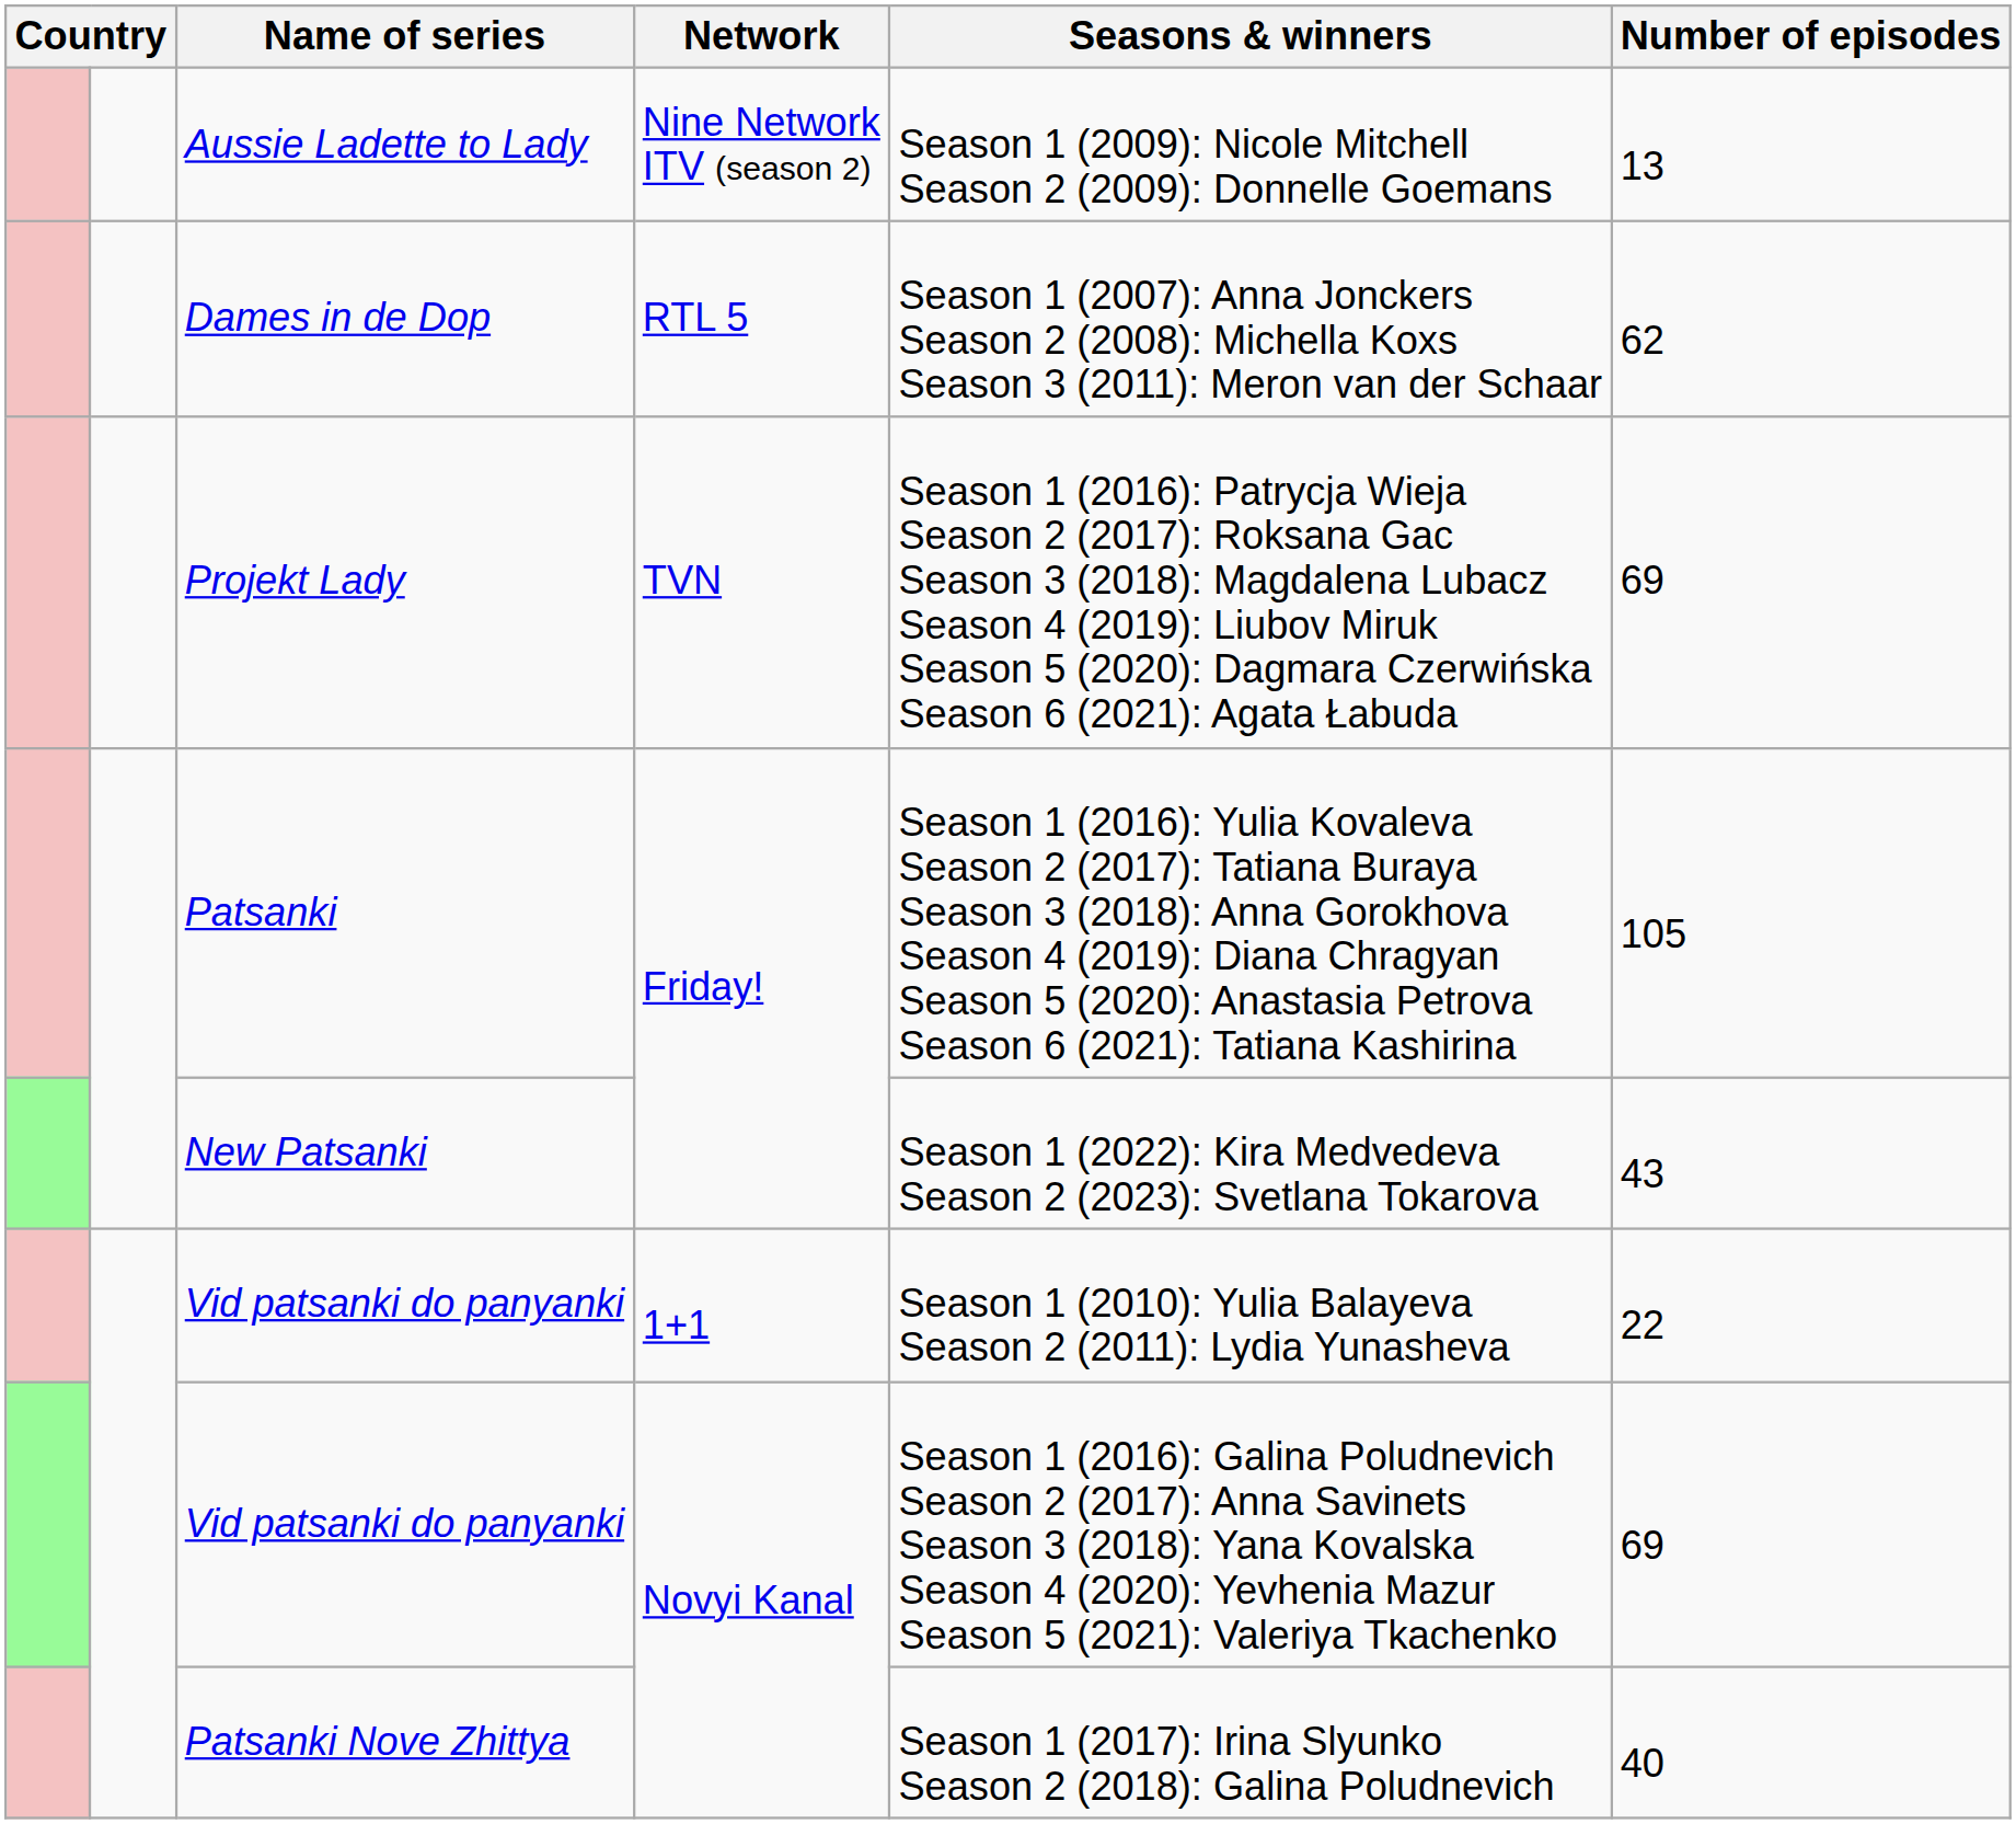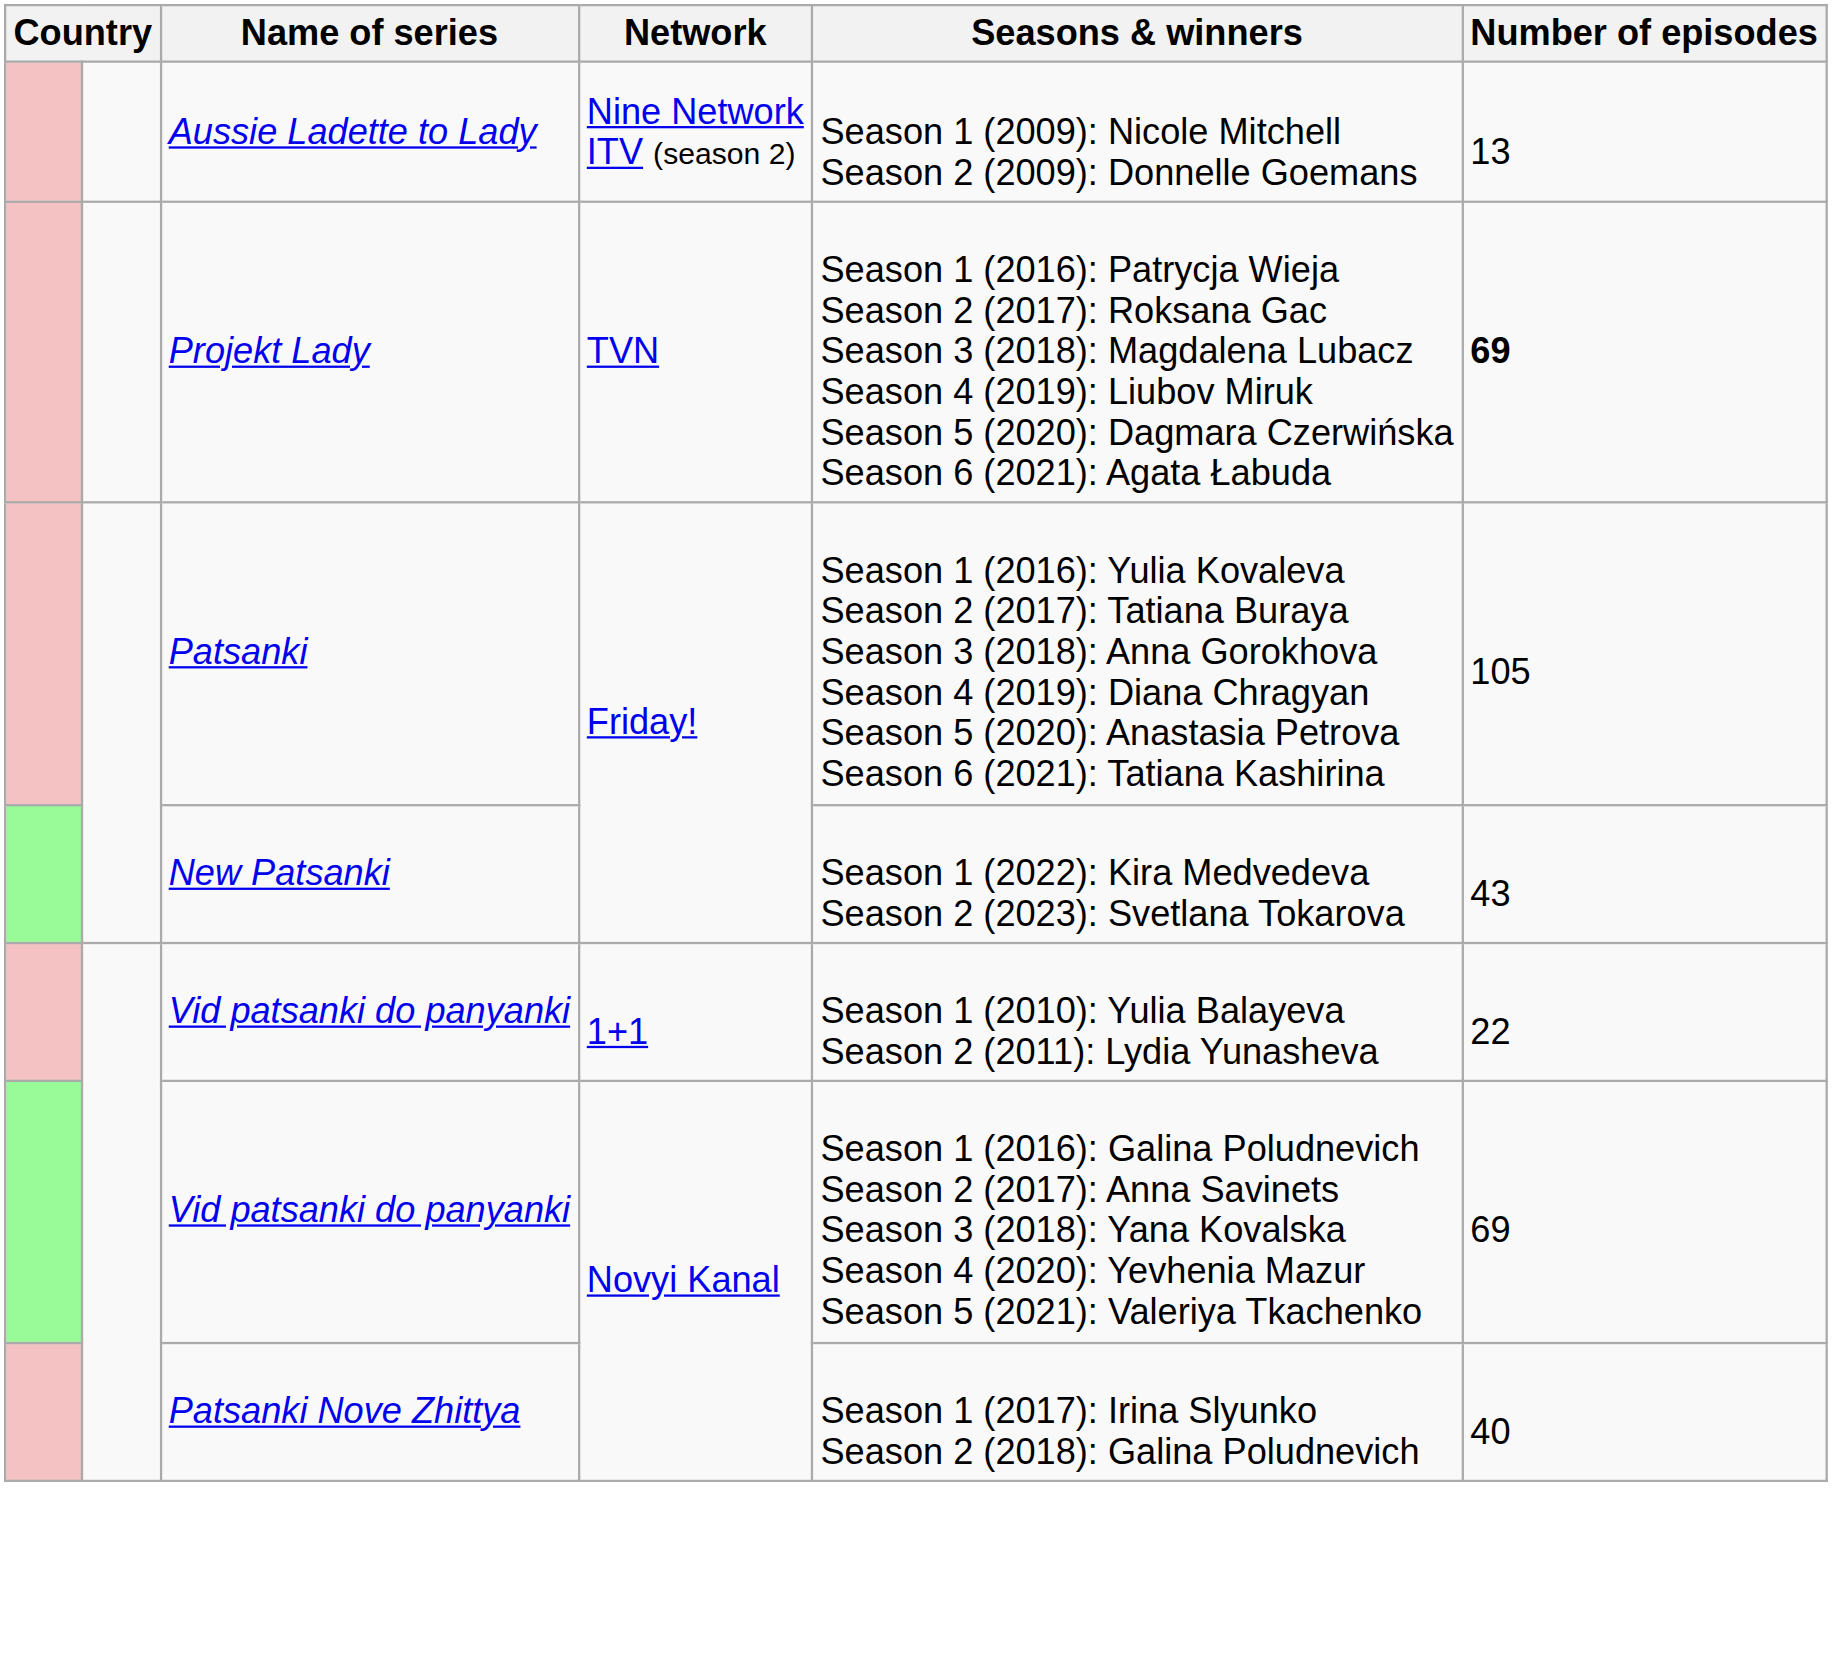 <table class="wikitable" style="text-align:left">
 <tr>
 <th colspan="2">Country</th>
 <th>Name of series</th>
 <th>Network</th>
 <th>Seasons & winners</th>
 <th>Number of episodes</th>
 </tr>
 <tr>
 <td style="background:#F4C2C2;"></td>
 <td></td>
 <td><em><a href='#'>Aussie Ladette to Lady</a></em></td>
 <td><a href='#'>Nine Network</a> <br><a href='#'>ITV</a> <small>(season 2)</small></td>
 <td><br>Season 1 (2009): Nicole Mitchell<br> Season 2 (2009): Donnelle Goemans</td>
 <td><br>13</td>
 </tr>
 <tr>
 <td style="background:#F4C2C2;"></td>
 <td></td>
-<td><em><a href='#'>Dames in de Dop</a></em></td>
-<td><a href='#'>RTL 5</a></td>
-<td><br>Season 1 (2007): Anna Jonckers<br> Season 2 (2008): Michella Koxs<br> Season 3 (2011): Meron van der Schaar</td>
-<td><br>62</td>
-</tr>
-<tr>
-<td style="background:#F4C2C2;"></td>
-<td></td>
 <td><em><a href='#'>Projekt Lady</a></em><br></td>
 <td><a href='#'>TVN</a></td>
 <td><br>Season 1 (2016): Patrycja Wieja<br> Season 2 (2017): Roksana Gac<br> Season 3 (2018): Magdalena Lubacz<br> Season 4 (2019): Liubov Miruk <br> Season 5 (2020): Dagmara Czerwińska <br> Season 6 (2021): Agata Łabuda</td>
-<td>69</td>
+<td><strong>69</strong></td>
 </tr>
 <tr>
 <td style="background:#F4C2C2;"></td>
 <td rowspan="2"></td>
 <td><em><a href='#'>Patsanki</a></em></td>
 <td rowspan="2"><a href='#'>Friday!</a></td>
 <td><br>Season 1 (2016): Yulia Kovaleva<br> Season 2 (2017): Tatiana Buraya<br> Season 3 (2018): Anna Gorokhova<br> Season 4 (2019): Diana Chragyan<br> Season 5 (2020): Anastasia Petrova<br> Season 6 (2021): Tatiana Kashirina<br></td>
 <td><br>105</td>
 </tr>
 <tr>
 <td style="background:#98FB98;"></td>
 <td><em><a href='#'>New Patsanki</a></em></td>
 <td><br>Season 1 (2022): Kira Medvedeva<br> Season 2 (2023): Svetlana Tokarova<br></td>
 <td><br>43</td>
 </tr>
 <tr>
 <td style="background:#F4C2C2;"></td>
 <td rowspan="3"></td>
 <td><em><a href='#'>Vid patsanki do panyanki</a></em></td>
 <td><br><a href='#'>1+1</a></td>
 <td><br>Season 1 (2010): Yulia Balayeva<br> Season 2 (2011): Lydia Yunasheva<br></td>
 <td><br>22</td>
 </tr>
 <tr>
 <td style="background:#98FB98;"></td>
 <td><em><a href='#'>Vid patsanki do panyanki</a></em></td>
 <td rowspan="2"><a href='#'>Novyi Kanal</a></td>
 <td><br>Season 1 (2016): Galina Poludnevich<br> Season 2 (2017): Anna Savinets<br> Season 3 (2018): Yana Kovalska<br> Season 4 (2020): Yevhenia Mazur<br> Season 5 (2021): Valeriya Tkachenko</td>
 <td><br>69</td>
 </tr>
 <tr>
 <td style="background:#F4C2C2;"></td>
 <td><em><a href='#'>Patsanki Nove Zhittya</a></em></td>
 <td><br>Season 1 (2017): Irina Slyunko<br> Season 2 (2018): Galina Poludnevich</td>
 <td><br>40</td>
 </tr>
 </table>
